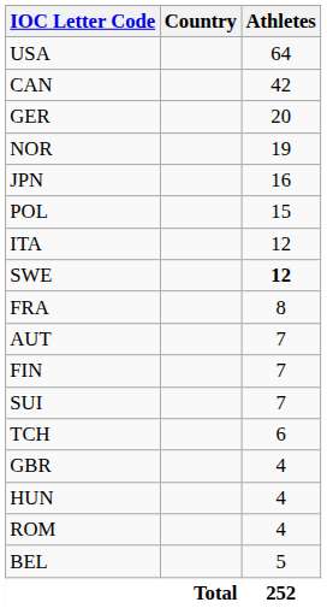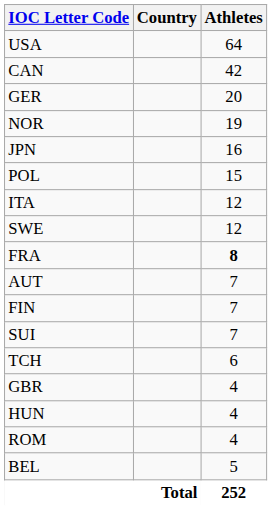 <table class="wikitable collapsible collapsed sortable" style="border:0;">
 <tr>
 <th><a href='#'>IOC Letter Code</a></th>
 <th>Country</th>
 <th>Athletes</th>
 </tr>
 <tr>
 <td>USA</td>
 <td></td>
 <td align=center>64</td>
 </tr>
 <tr>
 <td>CAN</td>
 <td></td>
 <td align=center>42</td>
 </tr>
 <tr>
 <td>GER</td>
 <td></td>
 <td align=center>20</td>
 </tr>
 <tr>
 <td>NOR</td>
 <td></td>
 <td align=center>19</td>
 </tr>
 <tr>
 <td>JPN</td>
 <td></td>
 <td align=center>16</td>
 </tr>
 <tr>
 <td>POL</td>
 <td></td>
 <td align=center>15</td>
 </tr>
 <tr>
 <td>ITA</td>
 <td></td>
 <td align=center>12</td>
 </tr>
 <tr>
 <td>SWE</td>
 <td></td>
-<td align=center><strong>12</strong></td>
+<td align=center>12</td>
 </tr>
 <tr>
 <td>FRA</td>
 <td></td>
-<td align=center>8</td>
+<td align=center><strong>8</strong></td>
 </tr>
 <tr>
 <td>AUT</td>
 <td></td>
 <td align=center>7</td>
 </tr>
 <tr>
 <td>FIN</td>
 <td></td>
 <td align=center>7</td>
 </tr>
 <tr>
 <td>SUI</td>
 <td></td>
 <td align=center>7</td>
 </tr>
 <tr>
 <td>TCH</td>
 <td></td>
 <td align=center>6</td>
 </tr>
 <tr>
 <td>GBR</td>
 <td></td>
 <td align=center>4</td>
 </tr>
 <tr>
 <td>HUN</td>
 <td></td>
 <td align=center>4</td>
 </tr>
 <tr>
 <td>ROM</td>
 <td></td>
 <td align=center>4</td>
 </tr>
 <tr>
 <td>BEL</td>
 <td></td>
 <td align=center>5</td>
 </tr>
 <tr class="sortbottom">
 <td colspan=2; style="text-align:right; border:0px; background:#fff;"><strong>Total</strong></td>
 <td style="text-align:center; border:0px; background:#fff;"><strong>252</strong></td>
 </tr>
 <tr>
 </tr>
 </table>
